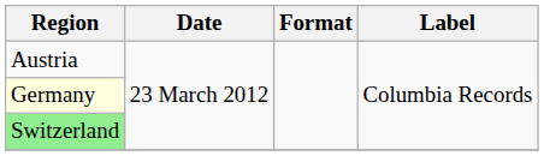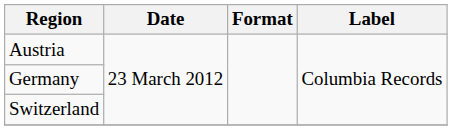 <table class="wikitable">
 <tr>
 <th scope="col">Region</th>
 <th scope="col">Date</th>
 <th scope="col">Format</th>
 <th scope="col">Label</th>
 </tr>
 <tr>
 <td>Austria</td>
 <td rowspan="3">23 March 2012</td>
 <td rowspan="3"></td>
 <td rowspan="3">Columbia Records</td>
 </tr>
 <tr>
-<td style="background: lightyellow;">Germany</td>
+<td>Germany</td>
 </tr>
 <tr>
-<td style="background: lightgreen;">Switzerland</td>
+<td>Switzerland</td>
 </tr>
 <tr>
 </tr>
 </table>
